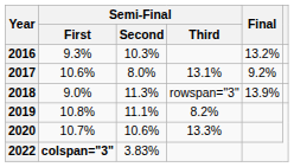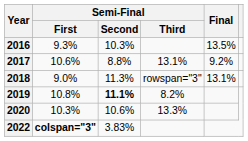 <table class="sortable wikitable" style="margin: 1em auto 1em auto; text-align:center;">
 <tr>
 <th rowspan="2">Year</th>
 <th colspan="3">Semi-Final</th>
 <th rowspan="2">Final</th>
 <th rowspan="2" class="unsortable"></th>
 </tr>
 <tr>
 <th>First</th>
 <th>Second</th>
 <th>Third</th>
 </tr>
 <tr>
 <th>2016</th>
 <td>9.3%</td>
 <td>10.3%</td>
 <td></td>
-<td>13.2%</td>
+<td>13.5%</td>
 <td></td>
 </tr>
 <tr>
 <th>2017</th>
 <td>10.6%</td>
-<td>8.0%</td>
+<td>8.8%</td>
 <td>13.1%</td>
 <td>9.2%</td>
 <td></td>
 </tr>
 <tr>
 <th>2018</th>
 <td>9.0%</td>
 <td>11.3%</td>
 <td>rowspan="3" </td>
-<td>13.9%</td>
+<td>13.1%</td>
 <td></td>
 </tr>
 <tr>
 <th>2019</th>
 <td>10.8%</td>
-<td>11.1%</td>
+<td><strong>11.1%</strong></td>
 <td>8.2%</td>
 <td></td>
 </tr>
 <tr>
 <th>2020</th>
-<td>10.7%</td>
+<td>10.3%</td>
 <td>10.6%</td>
 <td>13.3%</td>
 <td></td>
 </tr>
 <tr>
 <th>2022</th>
 <td><strong>colspan="3" </strong></td>
 <td>3.83%</td>
 <td></td>
 </tr>
 </table>
